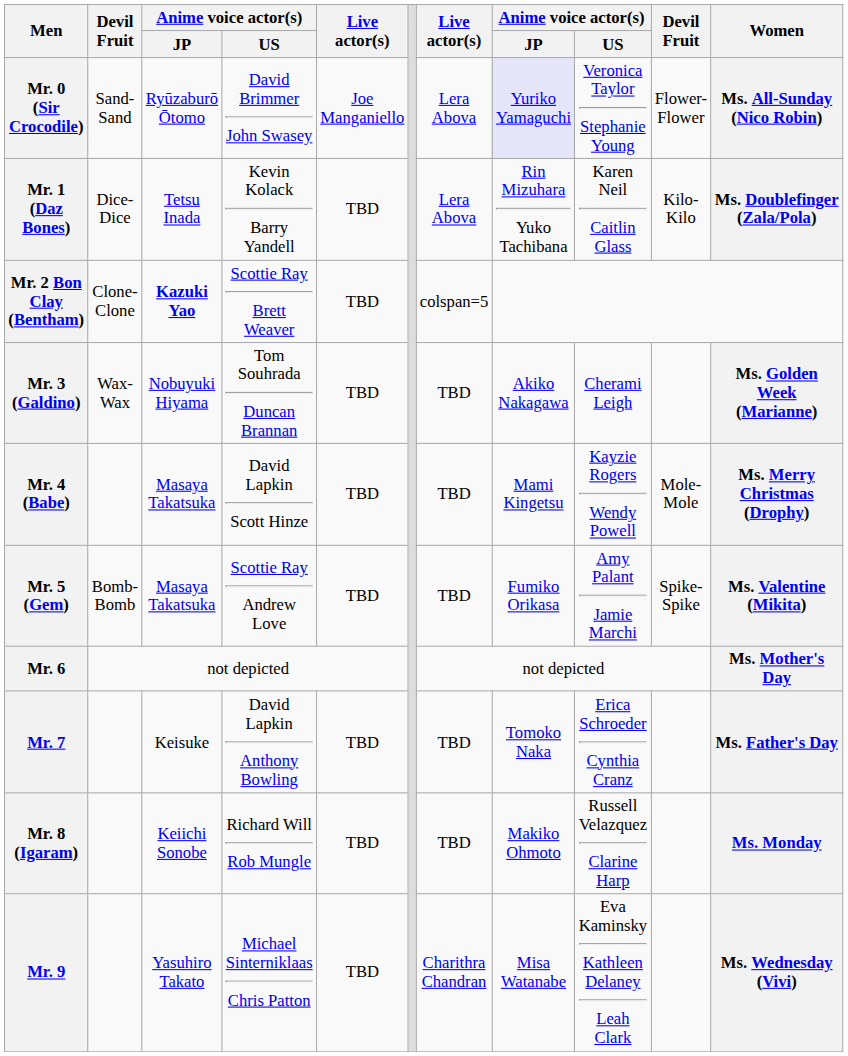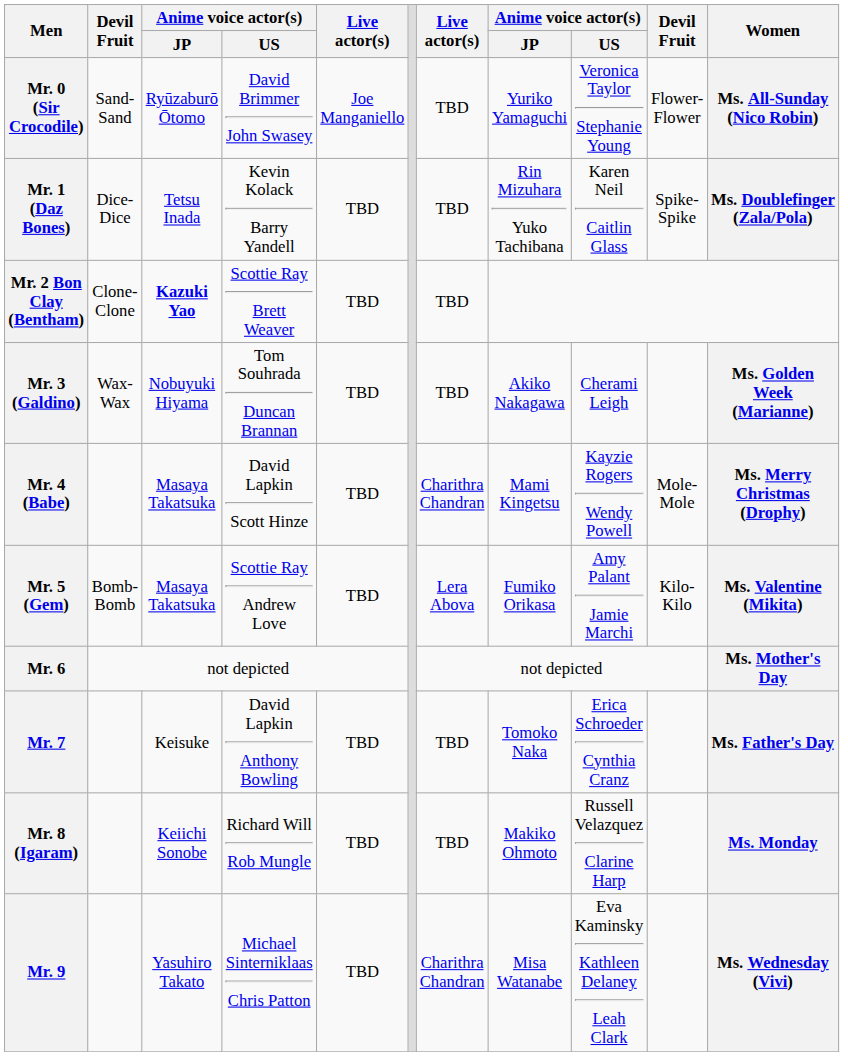 <table class="wikitable floatright mw-collapsible sticky-header" style="text-align: center; width: 45em;">
 <tr>
 <th rowspan="2">Men</th>
 <th rowspan="2">Devil Fruit</th>
 <th colspan="2"><a href='#'>Anime</a> voice actor(s)</th>
 <th rowspan="2" class="unsortable"><a href='#'>Live</a> actor(s)</th>
 <td rowspan="12" style="background:#ddd; width: 5px;"></td>
 <th rowspan="2" class="unsortable"><a href='#'>Live</a> actor(s)</th>
 <th colspan="2"><a href='#'>Anime</a> voice actor(s)</th>
 <th rowspan="2">Devil Fruit</th>
 <th rowspan="2">Women</th>
 </tr>
 <tr>
 <th>JP</th>
 <th>US</th>
 <th>JP</th>
 <th>US</th>
 </tr>
 <tr>
 <th>Mr. 0<br>(<a href='#'>Sir Crocodile</a>)</th>
 <td>Sand-Sand</td>
 <td><a href='#'>Ryūzaburō Ōtomo</a></td>
 <td><a href='#'>David Brimmer</a><hr><a href='#'>John Swasey</a></td>
 <td><a href='#'>Joe Manganiello</a></td>
-<td><a href='#'>Lera Abova</a></td>
-<td style="background: lavender;"><a href='#'>Yuriko Yamaguchi</a></td>
+<td>TBD</td>
+<td><a href='#'>Yuriko Yamaguchi</a></td>
 <td><a href='#'>Veronica Taylor</a><hr><a href='#'>Stephanie Young</a></td>
 <td>Flower-Flower</td>
 <th>Ms. <a href='#'>All-Sunday</a><br>(<a href='#'>Nico Robin</a>)</th>
 </tr>
 <tr>
 <th>Mr. 1<br>(<a href='#'>Daz Bones</a>)</th>
 <td>Dice-Dice</td>
 <td><a href='#'>Tetsu Inada</a></td>
 <td>Kevin Kolack<hr>Barry Yandell</td>
 <td>TBD</td>
-<td><a href='#'>Lera Abova</a></td>
+<td>TBD</td>
 <td><a href='#'>Rin Mizuhara</a><hr>Yuko Tachibana</td>
 <td>Karen Neil<hr><a href='#'>Caitlin Glass</a></td>
-<td>Kilo-Kilo</td>
+<td>Spike-Spike</td>
 <th>Ms. <a href='#'>Doublefinger</a><br>(<a href='#'>Zala/Pola</a>)</th>
 </tr>
 <tr>
 <th>Mr. 2 <a href='#'>Bon Clay</a><br>(<a href='#'>Bentham</a>)</th>
 <td>Clone-Clone</td>
 <td><strong><a href='#'>Kazuki Yao</a></strong></td>
 <td><a href='#'>Scottie Ray</a><hr><a href='#'>Brett Weaver</a></td>
 <td>TBD</td>
-<td>colspan=5 </td>
+<td>TBD</td>
 </tr>
 <tr>
 <th>Mr. 3<br>(<a href='#'>Galdino</a>)</th>
 <td>Wax-Wax</td>
 <td><a href='#'>Nobuyuki Hiyama</a></td>
 <td>Tom Souhrada<hr><a href='#'>Duncan Brannan</a></td>
 <td>TBD</td>
 <td>TBD</td>
 <td><a href='#'>Akiko Nakagawa</a></td>
 <td><a href='#'>Cherami Leigh</a></td>
 <td></td>
 <th>Ms. <a href='#'>Golden Week</a><br>(<a href='#'>Marianne</a>)</th>
 </tr>
 <tr>
 <th>Mr. 4<br>(<a href='#'>Babe</a>)</th>
 <td></td>
 <td><a href='#'>Masaya Takatsuka</a></td>
 <td>David Lapkin<hr>Scott Hinze</td>
 <td>TBD</td>
-<td>TBD</td>
+<td><a href='#'>Charithra Chandran</a></td>
 <td><a href='#'>Mami Kingetsu</a></td>
 <td><a href='#'>Kayzie Rogers</a><hr><a href='#'>Wendy Powell</a></td>
 <td>Mole-Mole</td>
 <th>Ms. <a href='#'>Merry Christmas</a><br>(<a href='#'>Drophy</a>)</th>
 </tr>
 <tr>
 <th>Mr. 5<br>(<a href='#'>Gem</a>)</th>
 <td>Bomb-Bomb</td>
 <td><a href='#'>Masaya Takatsuka</a></td>
 <td><a href='#'>Scottie Ray</a><hr>Andrew Love</td>
 <td>TBD</td>
-<td>TBD</td>
+<td><a href='#'>Lera Abova</a></td>
 <td><a href='#'>Fumiko Orikasa</a></td>
 <td><a href='#'>Amy Palant</a><hr><a href='#'>Jamie Marchi</a></td>
-<td>Spike-Spike</td>
+<td>Kilo-Kilo</td>
 <th>Ms. <a href='#'>Valentine</a><br>(<a href='#'>Mikita</a>)</th>
 </tr>
 <tr>
 <th>Mr. 6</th>
 <td colspan="4">not depicted</td>
 <td colspan="4">not depicted</td>
 <th>Ms. <a href='#'>Mother's Day</a></th>
 </tr>
 <tr>
 <th><a href='#'>Mr. 7</a></th>
 <td></td>
 <td>Keisuke</td>
 <td>David Lapkin<hr><a href='#'>Anthony Bowling</a></td>
 <td>TBD</td>
 <td>TBD</td>
 <td><a href='#'>Tomoko Naka</a></td>
 <td><a href='#'>Erica Schroeder</a><hr><a href='#'>Cynthia Cranz</a></td>
 <td></td>
 <th>Ms. <a href='#'>Father's Day</a></th>
 </tr>
 <tr>
 <th>Mr. 8<br>(<a href='#'>Igaram</a>)</th>
 <td></td>
 <td><a href='#'>Keiichi Sonobe</a></td>
 <td>Richard Will<hr><a href='#'>Rob Mungle</a></td>
 <td>TBD</td>
 <td>TBD</td>
 <td><a href='#'>Makiko Ohmoto</a></td>
 <td>Russell Velazquez<hr><a href='#'>Clarine Harp</a></td>
 <td></td>
 <th><a href='#'>Ms. Monday</a></th>
 </tr>
 <tr>
 <th><a href='#'>Mr. 9</a></th>
 <td></td>
 <td><a href='#'>Yasuhiro Takato</a></td>
 <td><a href='#'>Michael Sinterniklaas</a><hr><a href='#'>Chris Patton</a></td>
 <td>TBD</td>
 <td><a href='#'>Charithra Chandran</a></td>
 <td><a href='#'>Misa Watanabe</a></td>
 <td>Eva Kaminsky<hr><a href='#'>Kathleen Delaney</a><hr><a href='#'>Leah Clark</a></td>
 <td></td>
 <th>Ms. <a href='#'>Wednesday</a><br>(<a href='#'>Vivi</a>)</th>
 </tr>
 </table>
